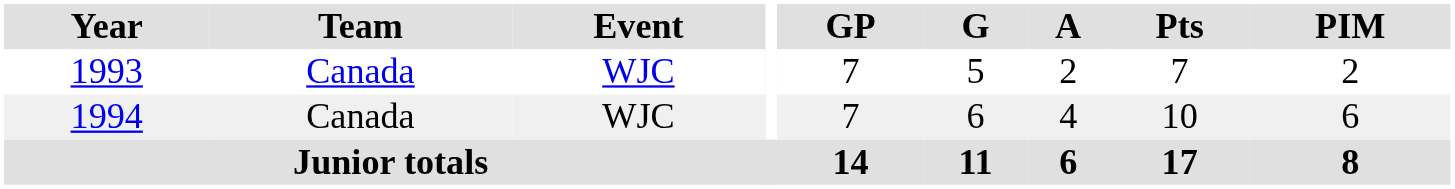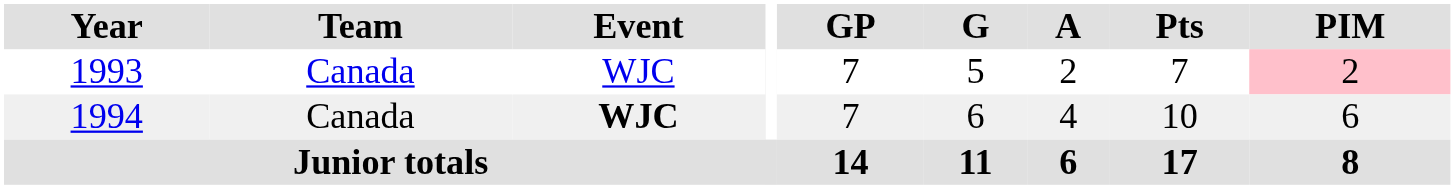 <table border="0" cellpadding="1" cellspacing="0" ID="Table3" style="text-align:center; width:40em">
 <tr bgcolor="#e0e0e0">
 <th>Year</th>
 <th>Team</th>
 <th>Event</th>
 <th rowspan="102" bgcolor="#ffffff"></th>
 <th>GP</th>
 <th>G</th>
 <th>A</th>
 <th>Pts</th>
 <th>PIM</th>
 </tr>
 <tr>
 <td><a href='#'>1993</a></td>
 <td><a href='#'>Canada</a></td>
 <td><a href='#'>WJC</a></td>
 <td>7</td>
 <td>5</td>
 <td>2</td>
 <td>7</td>
-<td>2</td>
+<td style="background: pink;">2</td>
 </tr>
 <tr bgcolor="#f0f0f0">
 <td><a href='#'>1994</a></td>
 <td>Canada</td>
-<td>WJC</td>
+<td><strong>WJC</strong></td>
 <td>7</td>
 <td>6</td>
 <td>4</td>
 <td>10</td>
 <td>6</td>
 </tr>
 <tr bgcolor="#e0e0e0">
 <th colspan="4">Junior totals</th>
 <th>14</th>
 <th>11</th>
 <th>6</th>
 <th>17</th>
 <th>8</th>
 </tr>
 </table>
